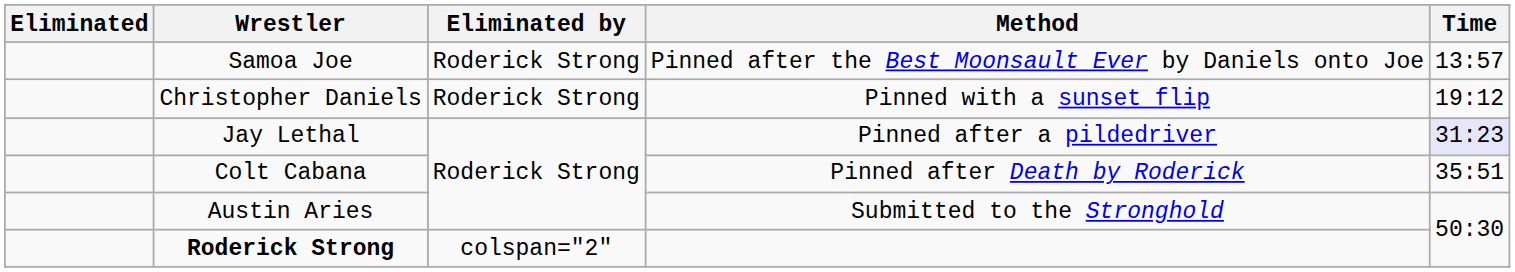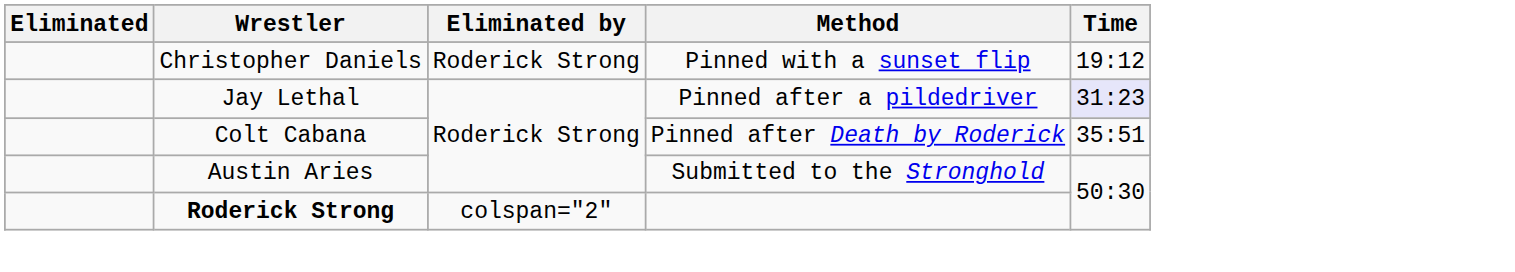 <table class="wikitable sortable" style="text-align:center;">
 <tr>
 <th>Eliminated</th>
 <th>Wrestler</th>
 <th>Eliminated by</th>
 <th>Method</th>
 <th>Time</th>
-</tr>
-<tr>
-<td></td>
-<td>Samoa Joe</td>
-<td>Roderick Strong</td>
-<td>Pinned after the <em><a href='#'>Best Moonsault Ever</a></em> by Daniels onto Joe</td>
-<td>13:57</td>
 </tr>
 <tr>
 <td></td>
 <td>Christopher Daniels</td>
 <td>Roderick Strong</td>
 <td>Pinned with a <a href='#'>sunset flip</a></td>
 <td>19:12</td>
 </tr>
 <tr>
 <td></td>
 <td>Jay Lethal</td>
 <td rowspan=3>Roderick Strong</td>
 <td>Pinned after a <a href='#'>pildedriver</a></td>
 <td style="background: lavender;">31:23</td>
 </tr>
 <tr>
 <td></td>
 <td>Colt Cabana</td>
 <td>Pinned after <em><a href='#'>Death by Roderick</a></em></td>
 <td>35:51</td>
 </tr>
 <tr>
 <td></td>
 <td>Austin Aries</td>
 <td>Submitted to the <em><a href='#'>Stronghold</a></em></td>
 <td rowspan=2>50:30</td>
 </tr>
 <tr>
 <td></td>
 <td><strong>Roderick Strong</strong></td>
 <td>colspan="2" </td>
 </tr>
 </table>
